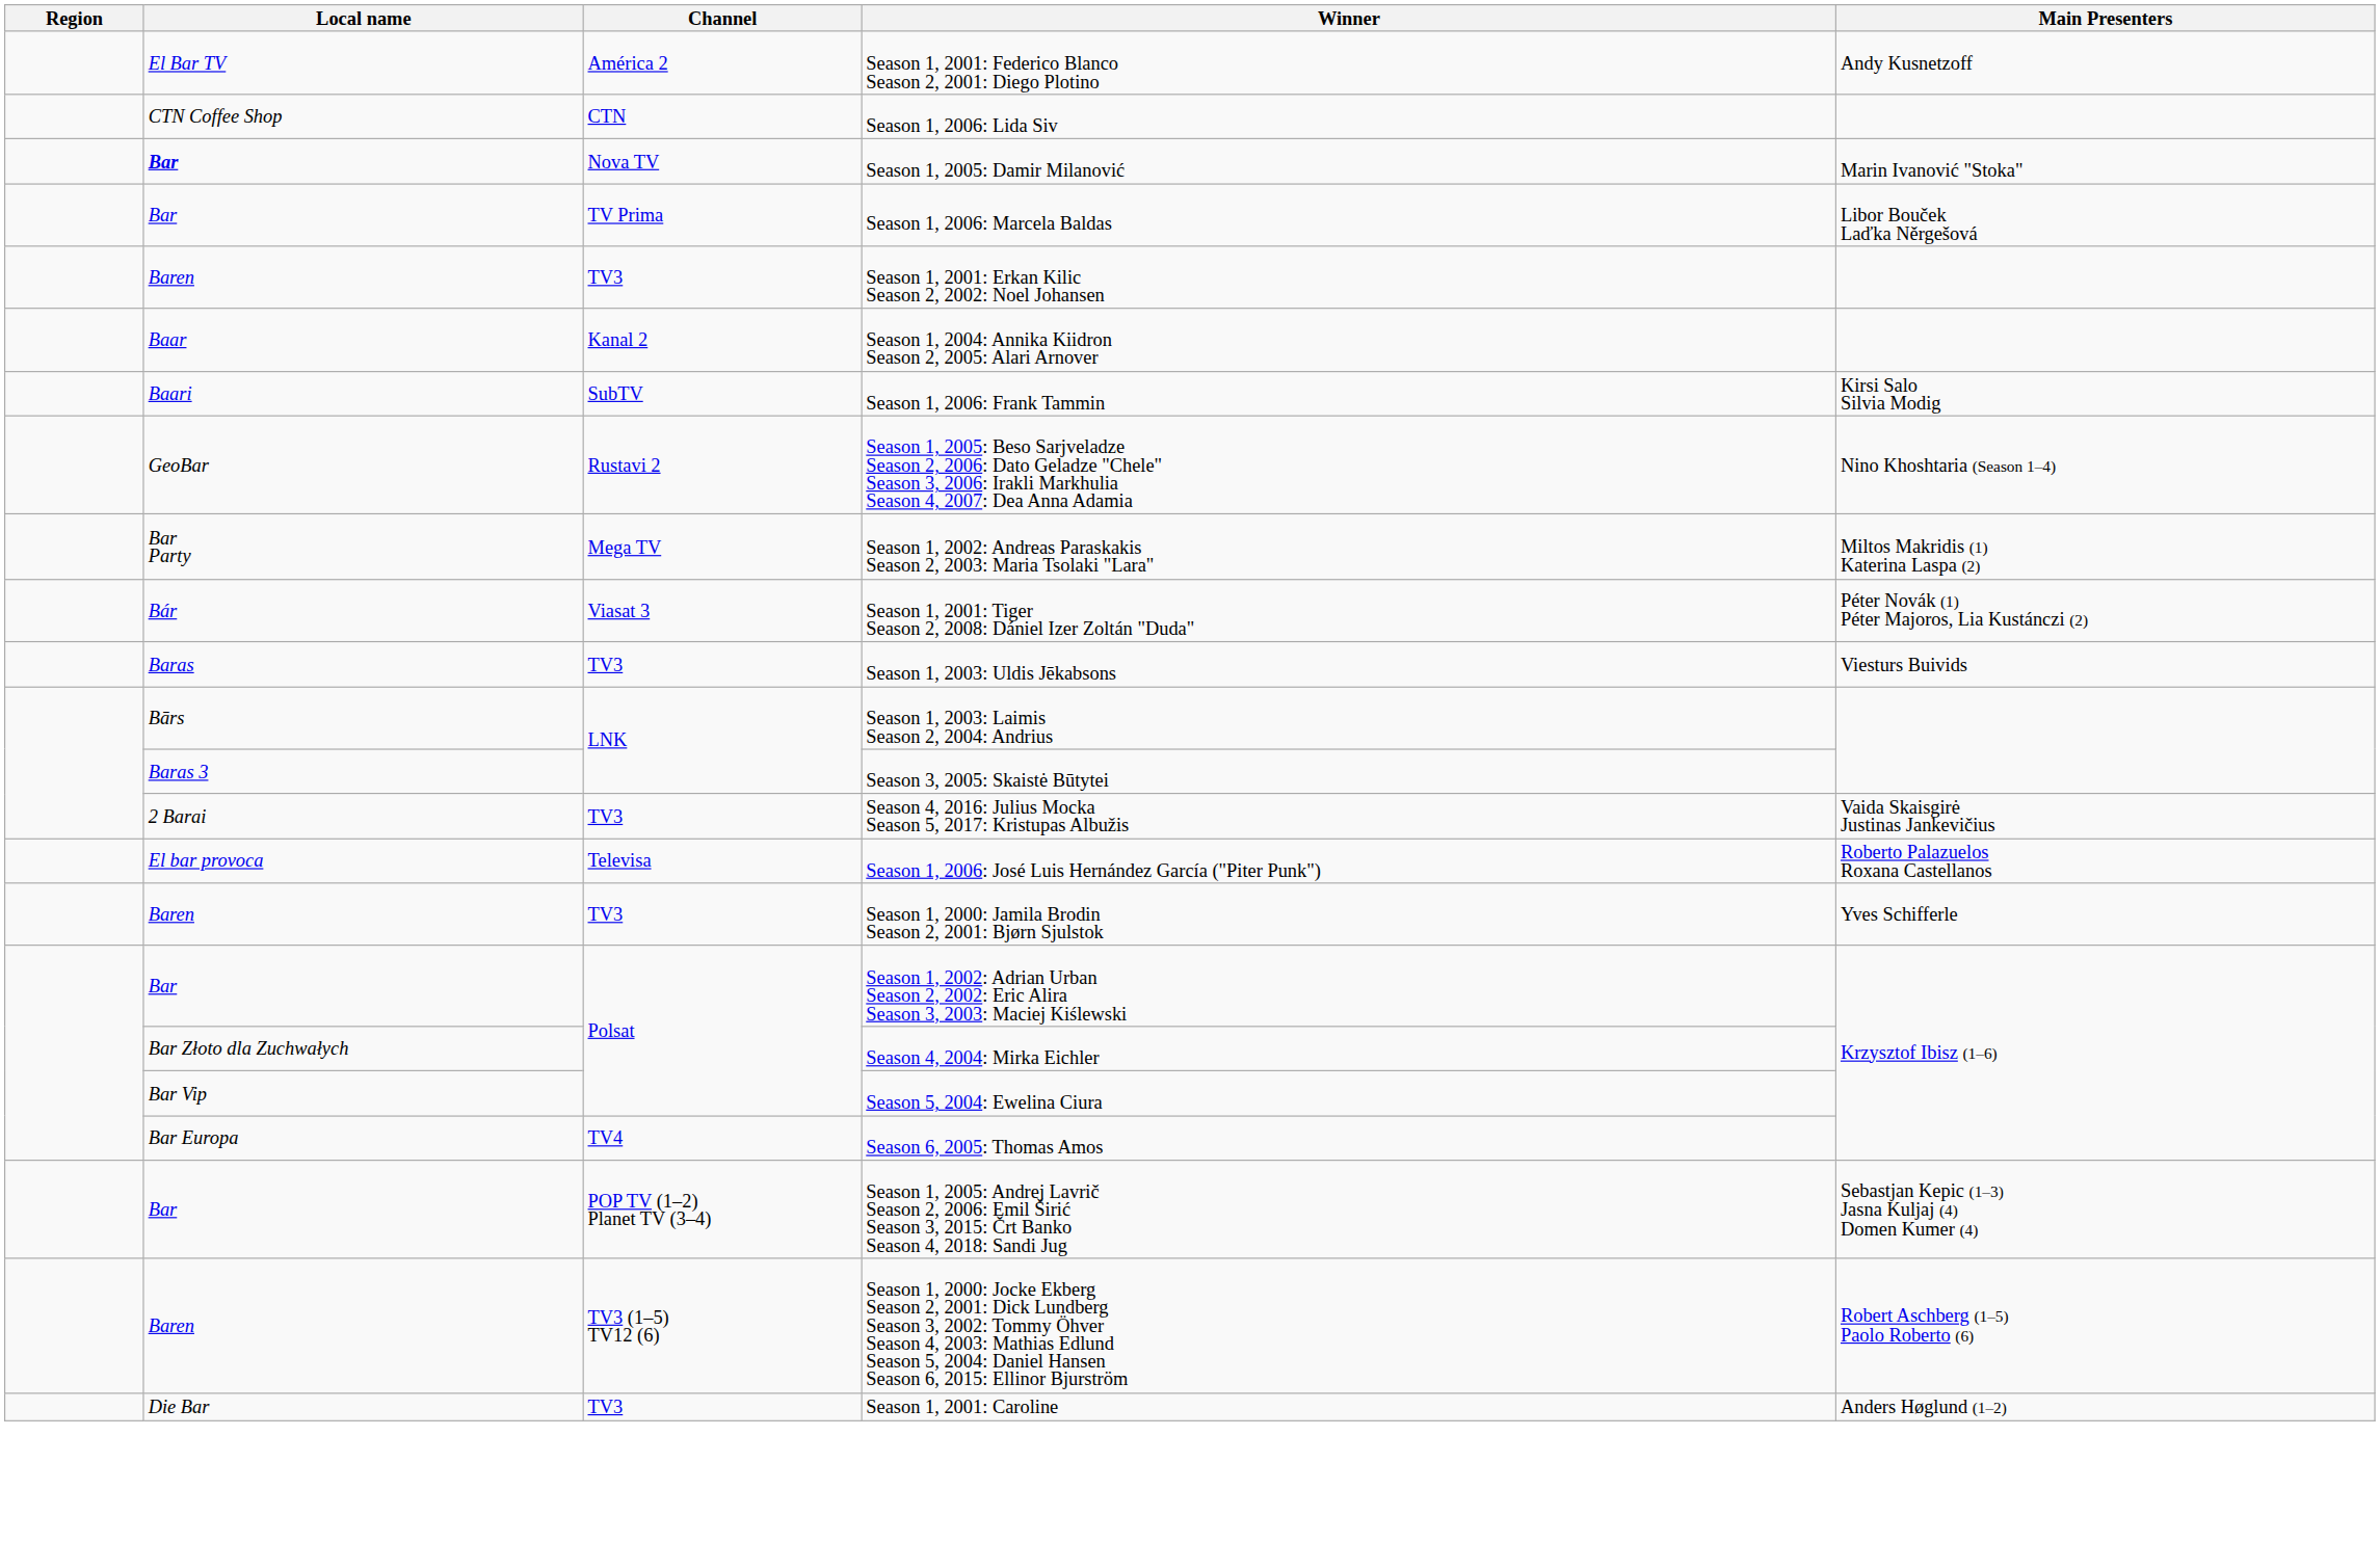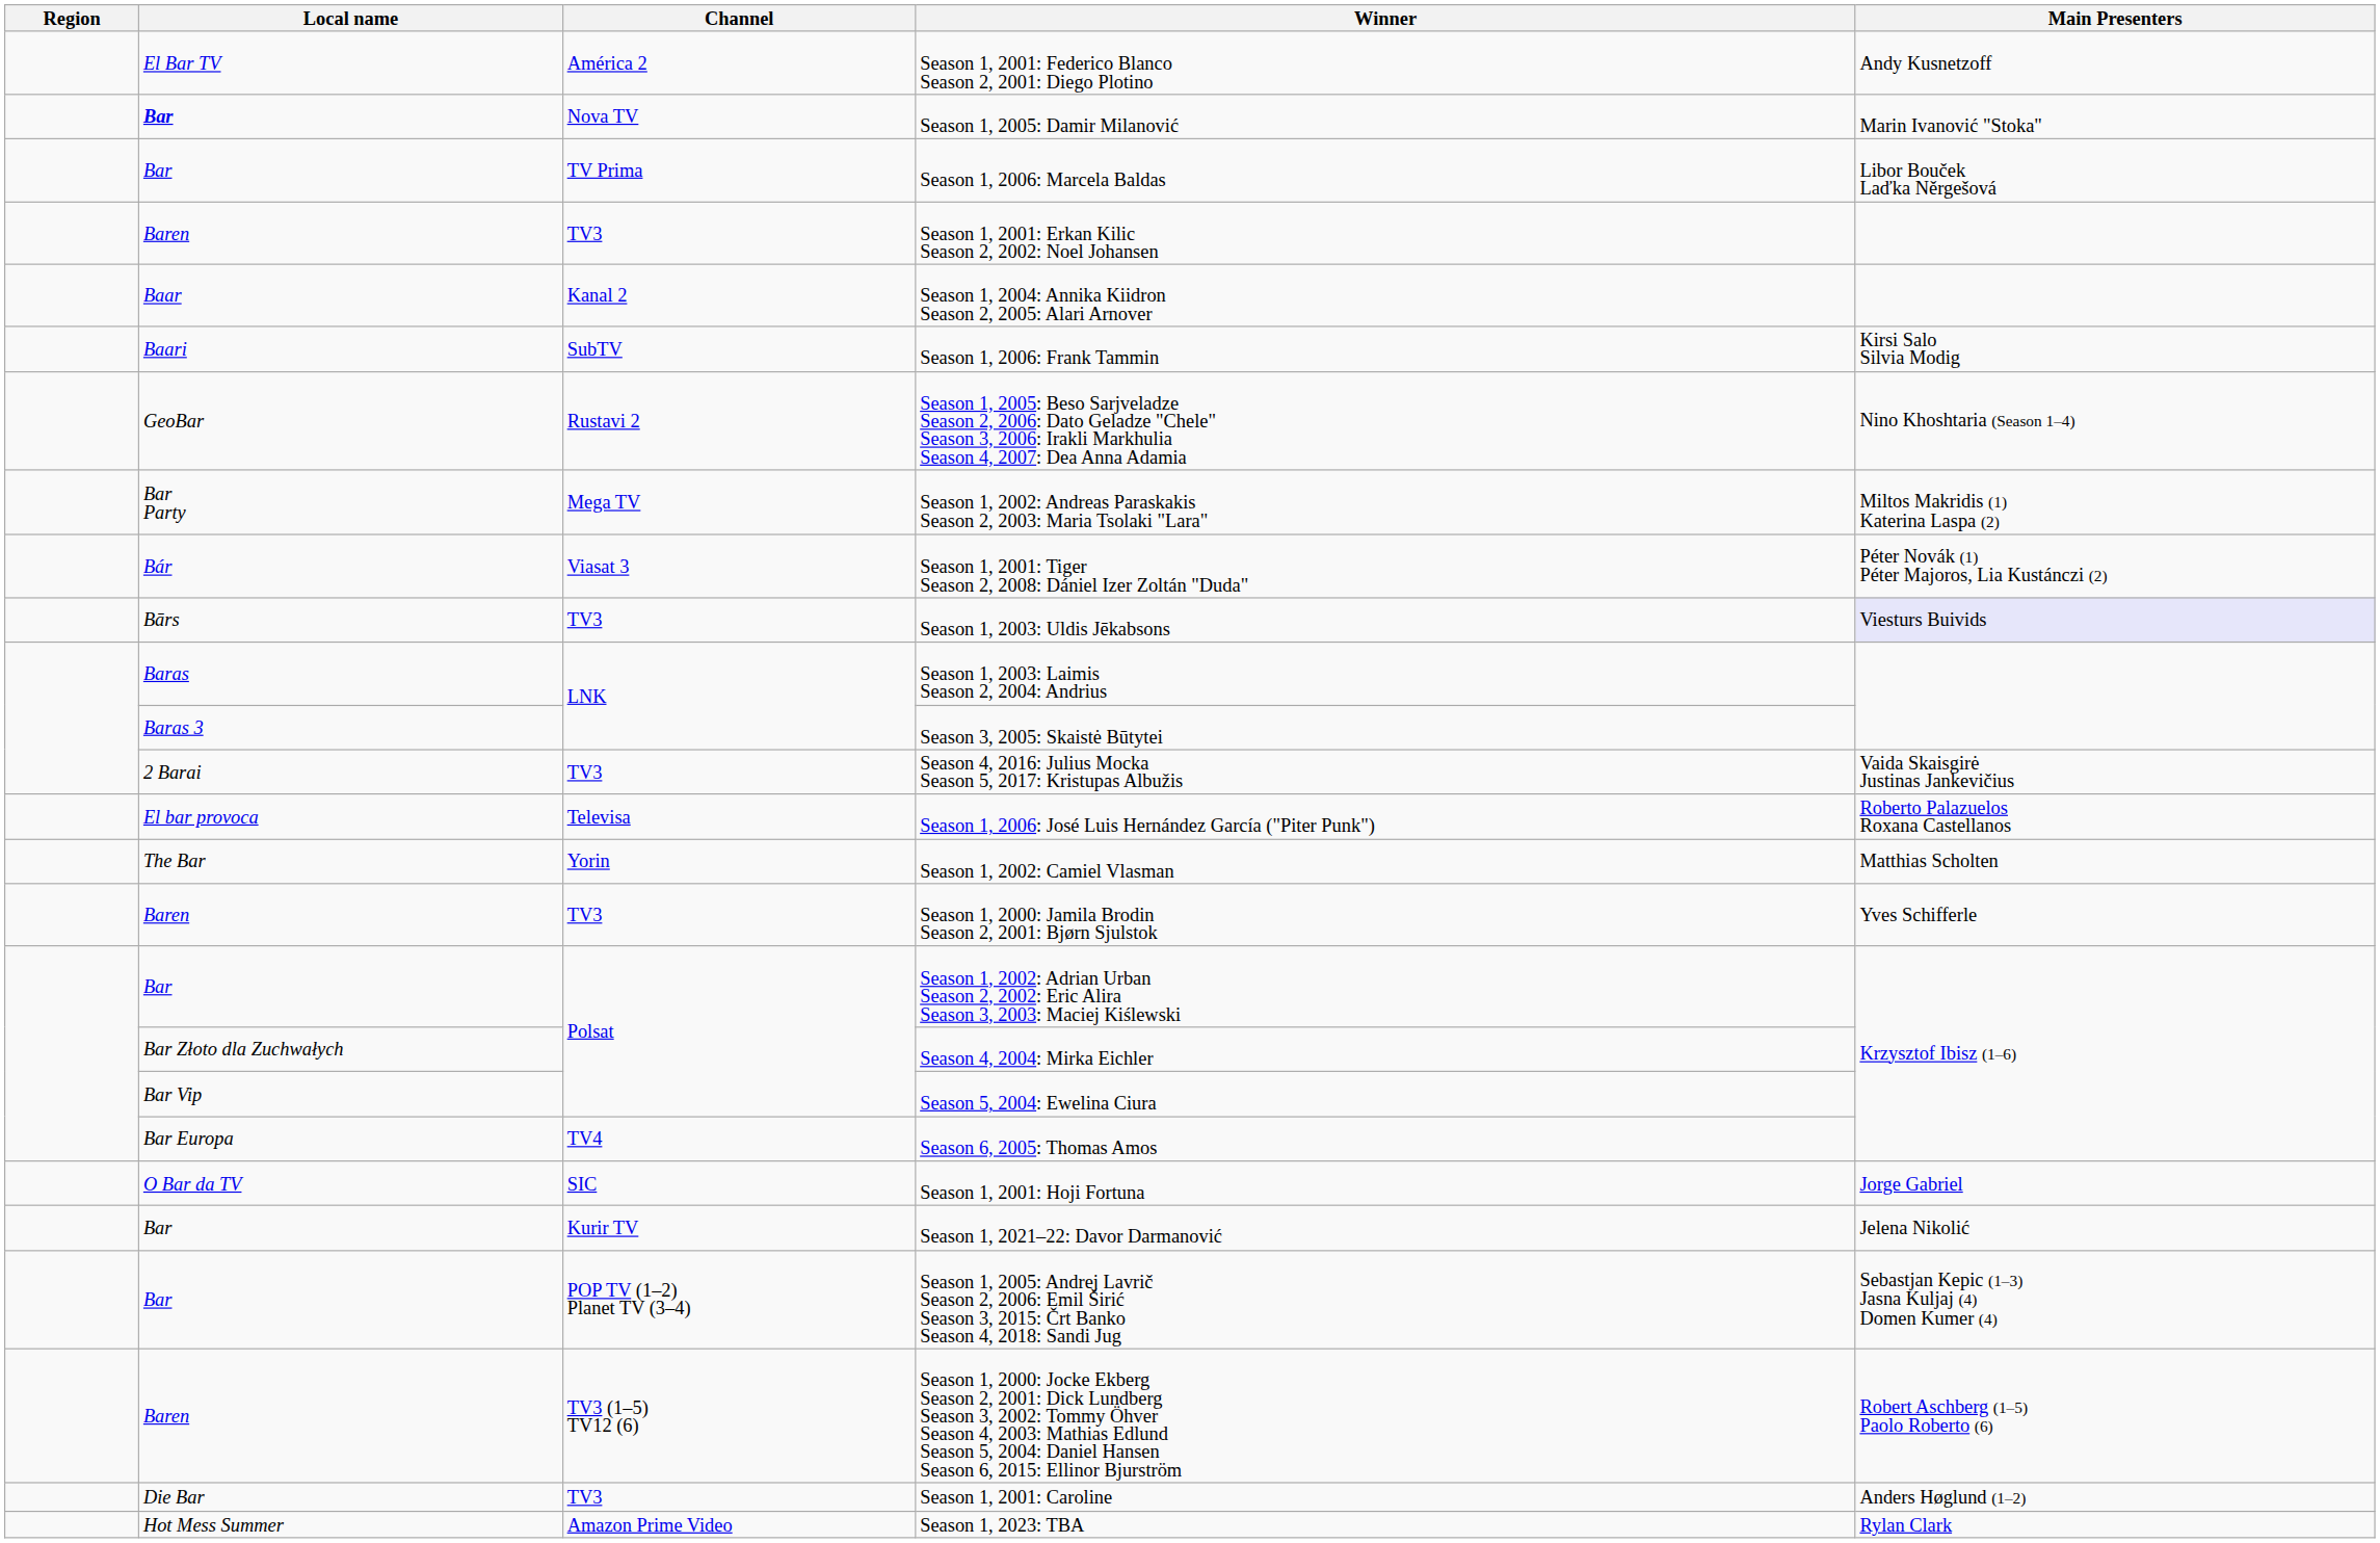 <table class="wikitable" style="text-align:left; line-height:15px;" width="100%">
 <tr>
 <th>Region</th>
 <th>Local name</th>
 <th>Channel</th>
 <th>Winner</th>
 <th>Main Presenters</th>
 </tr>
 <tr>
 <td></td>
 <td><em><a href='#'>El Bar TV</a></em></td>
 <td><a href='#'>América 2</a></td>
 <td><br>Season 1, 2001: Federico Blanco<br> Season 2, 2001: Diego Plotino</td>
 <td>Andy Kusnetzoff</td>
-</tr>
-<tr>
-<td></td>
-<td><em>CTN Coffee Shop</em></td>
-<td><a href='#'>CTN</a></td>
-<td><br>Season 1, 2006: Lida Siv</td>
-<td></td>
 </tr>
 <tr>
 <td></td>
 <td><strong><a href='#'><em>Bar</em></a></strong></td>
 <td><a href='#'>Nova TV</a></td>
 <td><br>Season 1, 2005: Damir Milanović</td>
 <td><br>Marin Ivanović "Stoka"</td>
 </tr>
 <tr>
 <td></td>
 <td><a href='#'><em>Bar</em></a></td>
 <td><a href='#'>TV Prima</a></td>
 <td><br>Season 1, 2006: Marcela Baldas</td>
 <td><br>Libor Bouček<br>Laďka Něrgešová</td>
 </tr>
 <tr>
 <td></td>
 <td><a href='#'><em>Baren</em></a></td>
 <td><a href='#'>TV3</a></td>
 <td><br>Season 1, 2001: Erkan Kilic <br> Season 2, 2002: Noel Johansen</td>
 <td></td>
 </tr>
 <tr>
 <td></td>
 <td><a href='#'><em>Baar</em></a></td>
 <td><a href='#'>Kanal 2</a></td>
 <td><br>Season 1, 2004: Annika Kiidron<br> Season 2, 2005: Alari Arnover</td>
 <td></td>
 </tr>
 <tr>
 <td></td>
 <td><em><a href='#'>Baari</a></em></td>
 <td><a href='#'>SubTV</a></td>
 <td><br>Season 1, 2006: Frank Tammin</td>
 <td>Kirsi Salo<br>Silvia Modig</td>
 </tr>
 <tr>
 <td></td>
 <td><em>GeoBar</em></td>
 <td><a href='#'>Rustavi 2</a></td>
 <td><br><a href='#'>Season 1, 2005</a>: Beso Sarjveladze<br> <a href='#'>Season 2, 2006</a>: Dato Geladze "Chele"<br> <a href='#'>Season 3, 2006</a>: Irakli Markhulia<br> <a href='#'>Season 4, 2007</a>: Dea Anna Adamia</td>
 <td>Nino Khoshtaria <small>(Season 1–4)</small></td>
 </tr>
 <tr>
 <td></td>
 <td><em>Bar</em> <br><em>Party</em> </td>
 <td><a href='#'>Mega TV</a></td>
 <td><br>Season 1, 2002: Andreas Paraskakis<br> Season 2, 2003: Maria Tsolaki "Lara"</td>
 <td><br>Miltos Makridis <small>(1)<br></small> Katerina Laspa <small>(2)</small></td>
 </tr>
 <tr>
 <td></td>
 <td><em><a href='#'>Bár</a></em></td>
 <td><a href='#'>Viasat 3</a></td>
 <td><br>Season 1, 2001: Tiger<br> Season 2, 2008: Dániel Izer Zoltán "Duda"</td>
 <td>Péter Novák  <small>(1)</small><br>Péter Majoros, Lia Kustánczi <small>(2)</small></td>
 </tr>
 <tr>
 <td></td>
-<td><a href='#'><em>Baras</em></a></td>
+<td><em>Bārs</em></td>
 <td><a href='#'>TV3</a></td>
 <td><br>Season 1, 2003: Uldis Jēkabsons</td>
-<td>Viesturs Buivids</td>
+<td style="background: lavender;">Viesturs Buivids</td>
 </tr>
 <tr>
 <td rowspan=3></td>
-<td><em>Bārs</em></td>
+<td><a href='#'><em>Baras</em></a></td>
 <td rowspan=2><a href='#'>LNK</a></td>
 <td><br>Season 1, 2003: Laimis<br> Season 2, 2004: Andrius<br></td>
 <td rowspan=2></td>
 </tr>
 <tr>
 <td><em><a href='#'>Baras 3</a></em> <br></td>
 <td><br>Season 3, 2005: Skaistė Būtytei</td>
 </tr>
 <tr>
 <td><em>2 Barai</em></td>
 <td><a href='#'>TV3</a></td>
 <td>Season 4, 2016: Julius Mocka<br>Season 5, 2017: Kristupas Albužis</td>
 <td>Vaida Skaisgirė<br>Justinas Jankevičius</td>
 </tr>
 <tr>
 <td></td>
 <td><em><a href='#'>El bar provoca</a></em></td>
 <td><a href='#'>Televisa</a></td>
 <td><br><a href='#'>Season 1, 2006</a>: José Luis Hernández García ("Piter Punk")</td>
 <td><a href='#'>Roberto Palazuelos</a><br>Roxana Castellanos</td>
+</tr>
+<tr>
+<td></td>
+<td><em>The Bar</em></td>
+<td><a href='#'>Yorin</a></td>
+<td><br>Season 1, 2002: Camiel Vlasman</td>
+<td>Matthias Scholten</td>
 </tr>
 <tr>
 <td></td>
 <td><a href='#'><em>Baren</em></a></td>
 <td><a href='#'>TV3</a></td>
 <td><br>Season 1, 2000: Jamila Brodin<br> Season 2, 2001: Bjørn Sjulstok</td>
 <td>Yves Schifferle</td>
 </tr>
 <tr>
 <td rowspan=4></td>
 <td><a href='#'><em>Bar</em></a></td>
 <td rowspan=3><a href='#'>Polsat</a></td>
 <td><br><a href='#'>Season 1, 2002</a>: Adrian Urban<br> <a href='#'>Season 2, 2002</a>: Eric Alira<br> <a href='#'>Season 3, 2003</a>: Maciej Kiślewski<br></td>
 <td rowspan=4><a href='#'>Krzysztof Ibisz</a> <small>(1–6)</small></td>
 </tr>
 <tr>
 <td><em>Bar Złoto dla Zuchwałych</em> <br></td>
 <td><br><a href='#'>Season 4, 2004</a>: Mirka Eichler</td>
 </tr>
 <tr>
 <td><em>Bar Vip</em> <br></td>
 <td><br><a href='#'>Season 5, 2004</a>: Ewelina Ciura</td>
 </tr>
 <tr>
 <td><em>Bar Europa</em> <br></td>
 <td><a href='#'>TV4</a></td>
 <td><br><a href='#'>Season 6, 2005</a>: Thomas Amos</td>
 </tr>
 <tr>
 <td></td>
+<td><em><a href='#'>O Bar da TV</a></em></td>
+<td><a href='#'>SIC</a></td>
+<td><br>Season 1, 2001: Hoji Fortuna</td>
+<td><a href='#'>Jorge Gabriel</a></td>
+</tr>
+<tr>
+<td></td>
+<td><em>Bar</em></td>
+<td><a href='#'>Kurir TV</a></td>
+<td><br>Season 1, 2021–22: Davor Darmanović</td>
+<td>Jelena Nikolić</td>
+</tr>
+<tr>
+<td></td>
 <td><em><a href='#'>Bar</a></em></td>
 <td><a href='#'>POP TV</a> (1–2)<br>Planet TV (3–4)</td>
 <td><br>Season 1, 2005: Andrej Lavrič<br> Season 2, 2006: Emil Širić<br> Season 3, 2015: Črt Banko<br> Season 4, 2018: Sandi Jug</td>
 <td>Sebastjan Kepic <small>(1–3)</small><br>Jasna Kuljaj <small>(4)</small><br>Domen Kumer <small>(4)</small></td>
 </tr>
 <tr>
 <td></td>
 <td><a href='#'><em>Baren</em></a></td>
 <td><a href='#'>TV3</a> (1–5)<br>TV12 (6)</td>
 <td><br>Season 1, 2000: Jocke Ekberg<br> Season 2, 2001: Dick Lundberg<br> Season 3, 2002: Tommy Öhver<br> Season 4, 2003: Mathias Edlund<br> Season 5, 2004: Daniel Hansen<br> Season 6, 2015: Ellinor Bjurström</td>
 <td><a href='#'>Robert Aschberg</a> <small>(1–5)</small><br><a href='#'>Paolo Roberto</a> <small>(6)</small></td>
 </tr>
 <tr>
 <td></td>
 <td><em>Die Bar</em></td>
 <td><a href='#'>TV3</a></td>
 <td>Season 1, 2001: Caroline</td>
 <td>Anders Høglund <small>(1–2)</small></td>
 </tr>
+<tr>
+<td></td>
+<td><em>Hot Mess Summer</em></td>
+<td><a href='#'>Amazon Prime Video</a></td>
+<td>Season 1, 2023: TBA</td>
+<td><a href='#'>Rylan Clark</a></td>
+</tr>
 </table>
